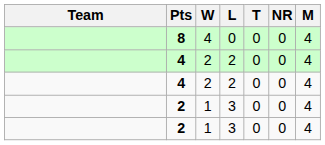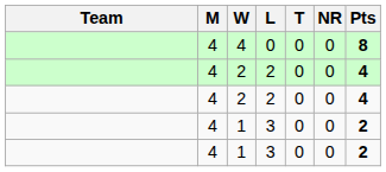 <table class="wikitable" style="text-align:center;">
 <tr>
 <th width=175>Team</th>
-<th width="20" abbr="Points">Pts</th>
+<th width="20" abbr="Played">M</th>
 <th width="20" abbr="Won">W</th>
 <th width="20" abbr="Lost">L</th>
 <th width="20" abbr="Tied">T</th>
 <th width="20" abbr="No result">NR</th>
-<th width="20" abbr="Played">M</th>
+<th width="20" abbr="Points">Pts</th>
 </tr>
 <tr style="background:#ccffcc;">
 <td style="text-align:left;"></td>
-<td><strong>8</strong></td>
+<td>4</td>
 <td>4</td>
 <td>0</td>
 <td>0</td>
 <td>0</td>
-<td>4</td>
+<td><strong>8</strong></td>
 </tr>
 <tr style="background:#ccffcc;">
 <td style="text-align:left;"></td>
-<td><strong>4</strong></td>
+<td>4</td>
 <td>2</td>
 <td>2</td>
 <td>0</td>
 <td>0</td>
-<td>4</td>
+<td><strong>4</strong></td>
 </tr>
 <tr style="background:#f9f9f9;">
 <td style="text-align:left;"></td>
-<td><strong>4</strong></td>
+<td>4</td>
 <td>2</td>
 <td>2</td>
 <td>0</td>
 <td>0</td>
-<td>4</td>
+<td><strong>4</strong></td>
 </tr>
 <tr style="background:#f9f9f9;">
 <td style="text-align:left;"></td>
-<td><strong>2</strong></td>
+<td>4</td>
 <td>1</td>
 <td>3</td>
 <td>0</td>
 <td>0</td>
-<td>4</td>
+<td><strong>2</strong></td>
 </tr>
 <tr style="background:#f9f9f9;">
 <td style="text-align:left;"></td>
-<td><strong>2</strong></td>
+<td>4</td>
 <td>1</td>
 <td>3</td>
 <td>0</td>
 <td>0</td>
-<td>4</td>
+<td><strong>2</strong></td>
 </tr>
 </table>
